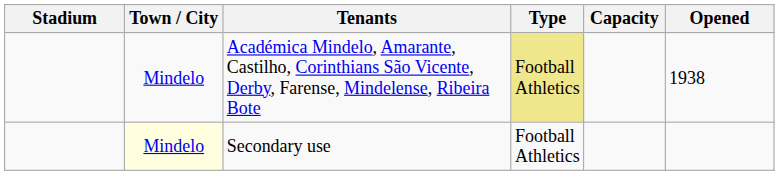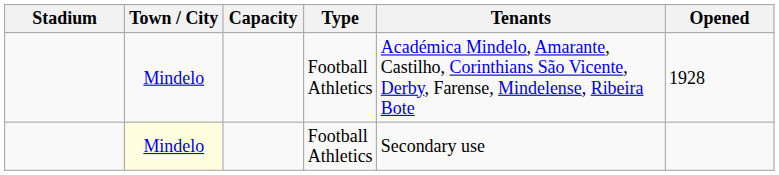 <table class="wikitable sortable">
 <tr>
 <th width=100>Stadium</th>
 <th width=80>Town / City</th>
+<th width=65>Capacity</th>
+<th width=40>Type</th>
 <th width=250>Tenants</th>
-<th width=40>Type</th>
-<th width=65>Capacity</th>
 <th width=90>Opened</th>
 </tr>
 <tr>
 <td></td>
 <td style="text-align:center;"><a href='#'>Mindelo</a></td>
+<td style="text-align:center;"></td>
+<td>Football<br>Athletics</td>
 <td><a href='#'>Académica Mindelo</a>, <a href='#'>Amarante</a>, Castilho, <a href='#'>Corinthians São Vicente</a>, <a href='#'>Derby</a>, Farense, <a href='#'>Mindelense</a>, <a href='#'>Ribeira Bote</a></td>
-<td style="background: khaki;">Football<br>Athletics</td>
-<td style="text-align:center;"></td>
-<td>1938</td>
+<td>1928</td>
 </tr>
 <tr>
 <td></td>
 <td style="background: lightyellow; text-align:center;"><a href='#'>Mindelo</a></td>
+<td style="text-align:center;"></td>
+<td>Football<br>Athletics</td>
 <td>Secondary use</td>
-<td>Football<br>Athletics</td>
-<td style="text-align:center;"></td>
 <td></td>
 </tr>
 </table>
